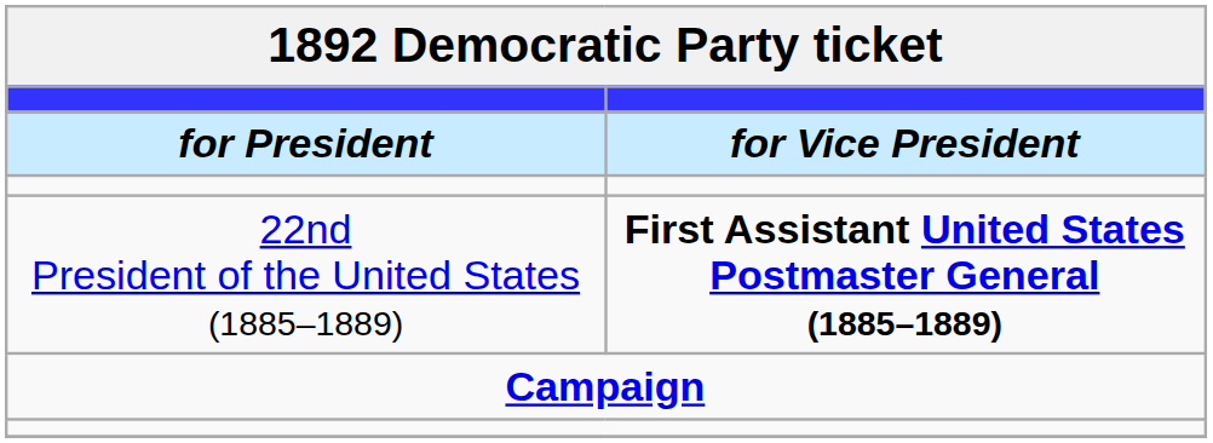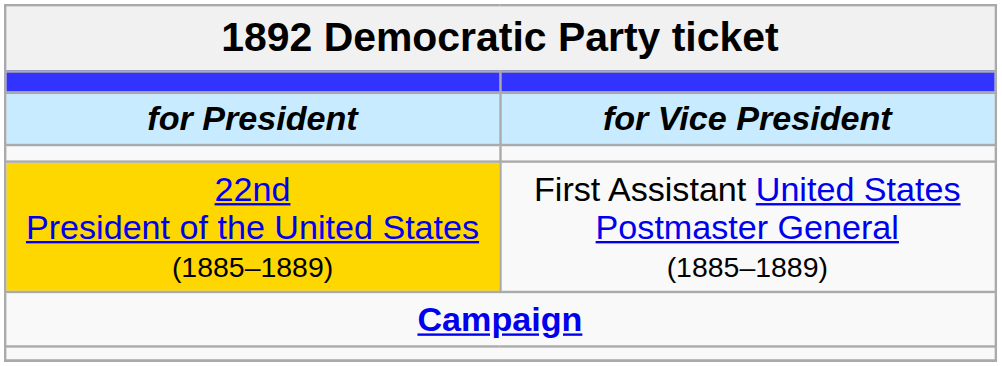 <table class="wikitable" style="font-size:90%; text-align:center;">
 <tr>
 <td style="background:#f1f1f1;" colspan="30"><big><strong>1892 Democratic Party ticket</strong></big></td>
 </tr>
 <tr>
 <th style="width:3em; font-size:135%; background:#3333FF; width:200px;"><a href='#'></a></th>
 <th style="width:3em; font-size:135%; background:#3333FF; width:200px;"><a href='#'></a></th>
 </tr>
 <tr>
 <td style="width:3em; font-size:100%; color:#000; background:#C8EBFF; width:200px;"><strong><em>for President</em></strong></td>
 <td style="width:3em; font-size:100%; color:#000; background:#C8EBFF; width:200px;"><strong><em>for Vice President</em></strong></td>
 </tr>
 <tr>
 <td></td>
 <td></td>
 </tr>
 <tr>
-<td><a href='#'>22nd</a><br><a href='#'>President of the United States</a><br><small>(1885–1889)</small></td>
-<td><strong>First Assistant <a href='#'>United States Postmaster General</a><br><small>(1885–1889)</small></strong></td>
+<td style="background: gold;"><a href='#'>22nd</a><br><a href='#'>President of the United States</a><br><small>(1885–1889)</small></td>
+<td>First Assistant <a href='#'>United States Postmaster General</a><br><small>(1885–1889)</small></td>
 </tr>
 <tr>
 <td colspan=2><a href='#'><strong>Campaign</strong></a></td>
 </tr>
 <tr>
 <td colspan=2></td>
 </tr>
 <tr>
 </tr>
 </table>
